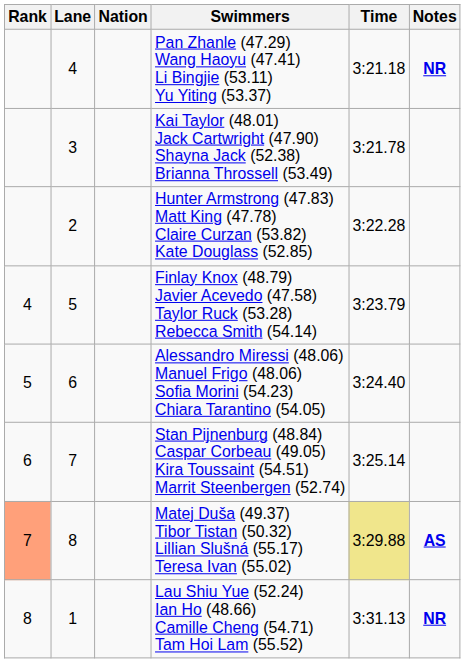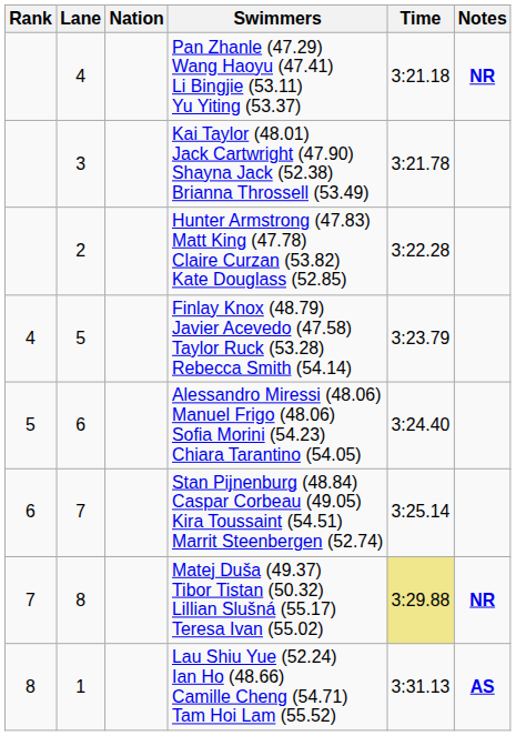 <table class="wikitable sortable" style="text-align:center">
 <tr>
 <th>Rank</th>
 <th>Lane</th>
 <th>Nation</th>
 <th>Swimmers</th>
 <th>Time</th>
 <th>Notes</th>
 </tr>
 <tr>
 <td></td>
 <td>4</td>
 <td align=left></td>
 <td align=left><a href='#'>Pan Zhanle</a> (47.29)<br><a href='#'>Wang Haoyu</a> (47.41)<br><a href='#'>Li Bingjie</a> (53.11)<br><a href='#'>Yu Yiting</a> (53.37)</td>
 <td>3:21.18</td>
 <td><strong><a href='#'>NR</a></strong></td>
 </tr>
 <tr>
 <td></td>
 <td>3</td>
 <td align=left></td>
 <td align=left><a href='#'>Kai Taylor</a> (48.01)<br><a href='#'>Jack Cartwright</a> (47.90)<br><a href='#'>Shayna Jack</a> (52.38)<br><a href='#'>Brianna Throssell</a> (53.49)</td>
 <td>3:21.78</td>
 <td></td>
 </tr>
 <tr>
 <td></td>
 <td>2</td>
 <td align=left></td>
 <td align=left><a href='#'>Hunter Armstrong</a> (47.83)<br><a href='#'>Matt King</a> (47.78)<br><a href='#'>Claire Curzan</a> (53.82)<br><a href='#'>Kate Douglass</a> (52.85)</td>
 <td>3:22.28</td>
 <td></td>
 </tr>
 <tr>
 <td>4</td>
 <td>5</td>
 <td align=left></td>
 <td align=left><a href='#'>Finlay Knox</a> (48.79)<br><a href='#'>Javier Acevedo</a> (47.58)<br><a href='#'>Taylor Ruck</a> (53.28)<br><a href='#'>Rebecca Smith</a> (54.14)</td>
 <td>3:23.79</td>
 <td></td>
 </tr>
 <tr>
 <td>5</td>
 <td>6</td>
 <td align=left></td>
 <td align=left><a href='#'>Alessandro Miressi</a> (48.06)<br><a href='#'>Manuel Frigo</a> (48.06)<br><a href='#'>Sofia Morini</a> (54.23)<br><a href='#'>Chiara Tarantino</a> (54.05)</td>
 <td>3:24.40</td>
 <td></td>
 </tr>
 <tr>
 <td>6</td>
 <td>7</td>
 <td align=left></td>
 <td align=left><a href='#'>Stan Pijnenburg</a> (48.84)<br><a href='#'>Caspar Corbeau</a> (49.05)<br><a href='#'>Kira Toussaint</a> (54.51)<br><a href='#'>Marrit Steenbergen</a> (52.74)</td>
 <td>3:25.14</td>
 <td></td>
 </tr>
 <tr>
-<td style="background: lightsalmon;">7</td>
+<td>7</td>
 <td>8</td>
 <td align=left></td>
 <td align=left><a href='#'>Matej Duša</a> (49.37)<br><a href='#'>Tibor Tistan</a> (50.32)<br><a href='#'>Lillian Slušná</a> (55.17)<br><a href='#'>Teresa Ivan</a> (55.02)</td>
 <td style="background: khaki;">3:29.88</td>
-<td><strong><a href='#'>AS</a></strong></td>
+<td><strong><a href='#'>NR</a></strong></td>
 </tr>
 <tr>
 <td>8</td>
 <td>1</td>
 <td align=left></td>
 <td align=left><a href='#'>Lau Shiu Yue</a> (52.24)<br><a href='#'>Ian Ho</a> (48.66)<br><a href='#'>Camille Cheng</a> (54.71)<br><a href='#'>Tam Hoi Lam</a> (55.52)</td>
 <td>3:31.13</td>
-<td><strong><a href='#'>NR</a></strong></td>
+<td><strong><a href='#'>AS</a></strong></td>
 </tr>
 </table>
